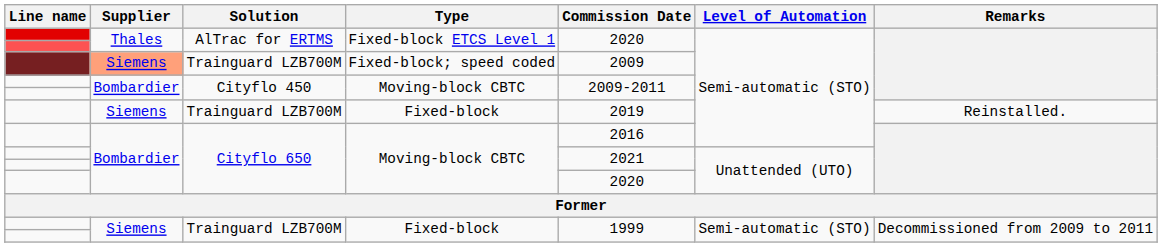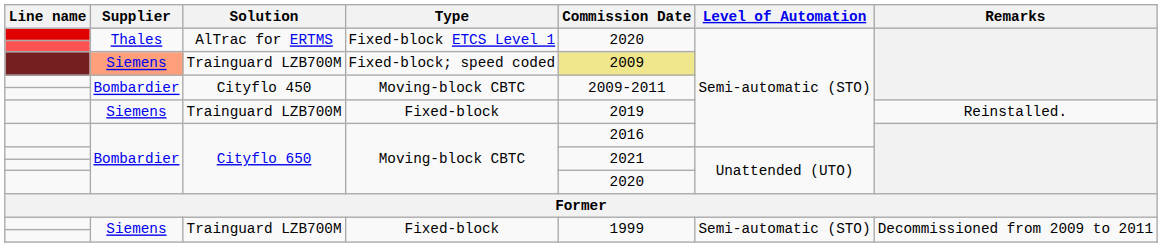 <table class="wikitable" style="margin:auto;font-align:center;text-align:center;font-size:80%;">
 <tr>
 <th>Line name</th>
 <th>Supplier</th>
 <th>Solution</th>
 <th>Type</th>
 <th>Commission Date</th>
 <th><a href='#'>Level of Automation</a></th>
 <th>Remarks</th>
 </tr>
 <tr>
 <td style="background:#E20101"><strong><a href='#'></a></strong></td>
 <td rowspan="2"><a href='#'>Thales</a></td>
 <td rowspan="2">AlTrac for <a href='#'>ERTMS</a></td>
 <td rowspan="2">Fixed-block <a href='#'>ETCS Level 1</a></td>
 <td rowspan="2">2020</td>
 <td rowspan="7">Semi-automatic (STO)</td>
 <th rowspan="5"></th>
 </tr>
 <tr>
 <td style="background:#FD5252"><strong><a href='#'></a></strong></td>
 </tr>
 <tr>
 <td style="background:#761f21 "><strong><a href='#'></a></strong></td>
 <td style="background: lightsalmon;"><a href='#'>Siemens</a></td>
 <td>Trainguard LZB700M</td>
 <td>Fixed-block; speed coded</td>
-<td>2009</td>
+<td style="background: khaki;">2009</td>
 </tr>
 <tr>
 <td style="background:#"><strong><a href='#'></a></strong></td>
 <td rowspan="2"><a href='#'>Bombardier</a></td>
 <td rowspan="2">Cityflo 450</td>
 <td rowspan="2">Moving-block CBTC</td>
 <td rowspan="2">2009-2011</td>
 </tr>
 <tr>
 <td style="background:#"><strong><a href='#'></a></strong></td>
 </tr>
 <tr>
 <td style="background:#"><strong><a href='#'></a></strong></td>
 <td><a href='#'>Siemens</a></td>
 <td>Trainguard LZB700M</td>
 <td>Fixed-block</td>
 <td>2019</td>
 <td>Reinstalled.</td>
 </tr>
 <tr>
 <td style="background:#"><strong><a href='#'></a></strong></td>
 <td rowspan="4"><a href='#'>Bombardier</a></td>
 <td rowspan="4"><a href='#'>Cityflo 650</a></td>
 <td rowspan="4">Moving-block CBTC</td>
 <td>2016</td>
 <th rowspan="4"></th>
 </tr>
 <tr>
 <td style="background:#"><strong><a href='#'></a></strong></td>
 <td rowspan="2">2021</td>
 <td rowspan="3">Unattended (UTO)</td>
 </tr>
 <tr>
 <td style="background:#"><strong><a href='#'></a></strong></td>
 </tr>
 <tr>
 <td style="background:#"><strong><a href='#'></a></strong></td>
 <td>2020</td>
 </tr>
 <tr>
 <th colspan="7">Former</th>
 </tr>
 <tr>
 <td style="background:#"><strong><a href='#'></a></strong></td>
 <td rowspan="2"><a href='#'>Siemens</a></td>
 <td rowspan="2">Trainguard LZB700M</td>
 <td rowspan="2">Fixed-block</td>
 <td rowspan="2">1999</td>
 <td rowspan="2">Semi-automatic (STO)</td>
 <td rowspan="2">Decommissioned from 2009 to 2011</td>
 </tr>
 <tr>
 <td style="background:#"><strong><a href='#'></a></strong></td>
 </tr>
 </table>
